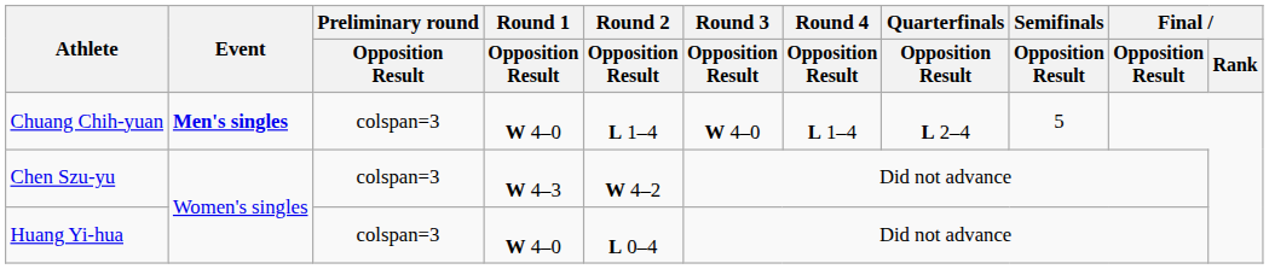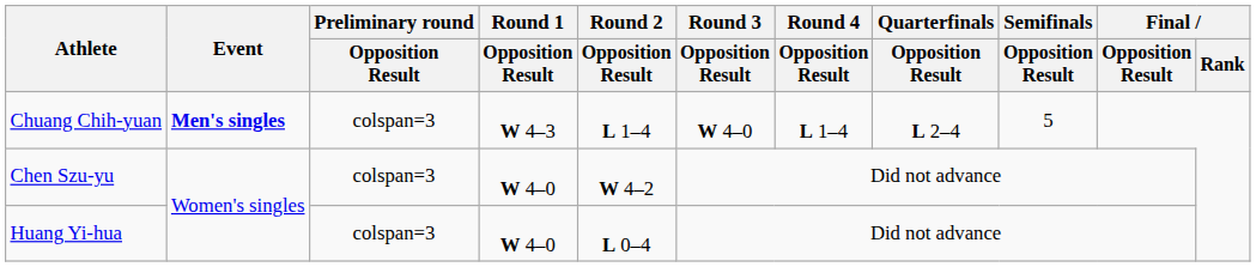 <table class="wikitable" style="font-size:90%">
 <tr>
 <th rowspan="2">Athlete</th>
 <th rowspan="2">Event</th>
 <th>Preliminary round</th>
 <th>Round 1</th>
 <th>Round 2</th>
 <th>Round 3</th>
 <th>Round 4</th>
 <th>Quarterfinals</th>
 <th>Semifinals</th>
 <th colspan=2>Final / </th>
 </tr>
 <tr style="font-size:95%">
 <th>Opposition<br>Result</th>
 <th>Opposition<br>Result</th>
 <th>Opposition<br>Result</th>
 <th>Opposition<br>Result</th>
 <th>Opposition<br>Result</th>
 <th>Opposition<br>Result</th>
 <th>Opposition<br>Result</th>
 <th>Opposition<br>Result</th>
 <th>Rank</th>
 </tr>
 <tr align=center>
 <td align=left><a href='#'>Chuang Chih-yuan</a></td>
 <td align=left><strong><a href='#'>Men's singles</a></strong></td>
 <td>colspan=3 </td>
-<td><br><strong>W</strong> 4–0</td>
+<td><br><strong>W</strong> 4–3</td>
 <td><br><strong>L</strong> 1–4</td>
 <td><br><strong>W</strong> 4–0</td>
 <td><br><strong>L</strong> 1–4</td>
 <td><br> <strong>L</strong> 2–4</td>
 <td>5</td>
 </tr>
 <tr align=center>
 <td align=left><a href='#'>Chen Szu-yu</a></td>
 <td align=left rowspan=2><a href='#'>Women's singles</a></td>
 <td>colspan=3 </td>
-<td><br><strong>W</strong> 4–3</td>
+<td><br><strong>W</strong> 4–0</td>
 <td><br><strong>W</strong> 4–2</td>
 <td colspan=5>Did not advance</td>
 </tr>
 <tr align=center>
 <td align=left><a href='#'>Huang Yi-hua</a></td>
 <td>colspan=3 </td>
 <td><br><strong>W</strong> 4–0</td>
 <td><br><strong>L</strong> 0–4</td>
 <td colspan=5>Did not advance</td>
 </tr>
 </table>
